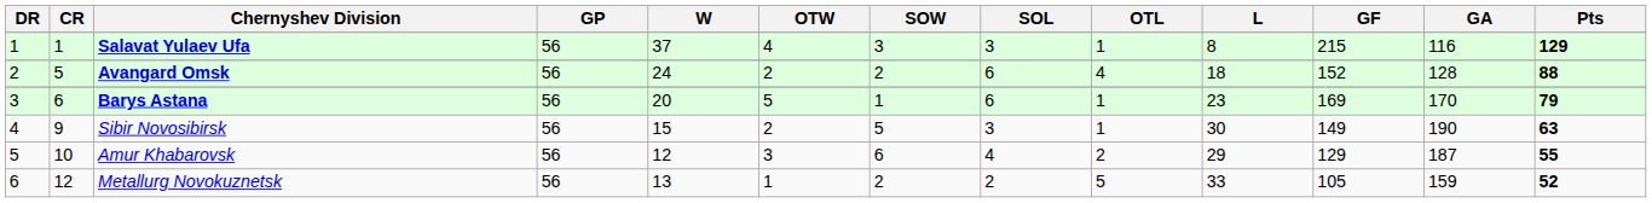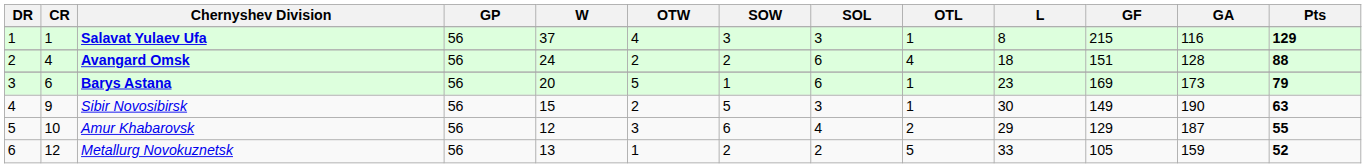 <table class="wikitable sortable">
 <tr>
 <th bgcolor="#DDDDFF" width="2%">DR</th>
 <th bgcolor="#DDDDFF" width="2%">CR</th>
 <th bgcolor="#DDDDFF" width="20%">Chernyshev Division</th>
 <th bgcolor="#DDDDFF" width="5%">GP</th>
 <th bgcolor="#DDDDFF" width="5%">W</th>
 <th bgcolor="#DDDDFF" width="5%">OTW</th>
 <th bgcolor="#DDDDFF" width="5%">SOW</th>
 <th bgcolor="#DDDDFF" width="5%">SOL</th>
 <th bgcolor="#DDDDFF" width="5%">OTL</th>
 <th bgcolor="#DDDDFF" width="5%">L</th>
 <th bgcolor="#DDDDFF" width="5%">GF</th>
 <th bgcolor="#DDDDFF" width="5%">GA</th>
 <th bgcolor="#DDDDFF" width="5%">Pts</th>
 </tr>
 <tr>
 </tr>
 <tr style="background:#DDFFDD;">
 <td style="text-align:left;">1</td>
 <td>1</td>
 <td> <strong><a href='#'>Salavat Yulaev Ufa</a></strong></td>
 <td>56</td>
 <td>37</td>
 <td>4</td>
 <td>3</td>
 <td>3</td>
 <td>1</td>
 <td>8</td>
 <td>215</td>
 <td>116</td>
 <td><strong>129</strong></td>
 </tr>
 <tr>
 </tr>
 <tr style="background:#DDFFDD;">
 <td style="text-align:left;">2</td>
-<td>5</td>
+<td>4</td>
 <td> <strong><a href='#'>Avangard Omsk</a></strong></td>
 <td>56</td>
 <td>24</td>
 <td>2</td>
 <td>2</td>
 <td>6</td>
 <td>4</td>
 <td>18</td>
-<td>152</td>
+<td>151</td>
 <td>128</td>
 <td><strong>88</strong></td>
 </tr>
 <tr>
 </tr>
 <tr style="background:#DDFFDD;">
 <td style="text-align:left;">3</td>
 <td>6</td>
 <td> <strong><a href='#'>Barys Astana</a></strong></td>
 <td>56</td>
 <td>20</td>
 <td>5</td>
 <td>1</td>
 <td>6</td>
 <td>1</td>
 <td>23</td>
 <td>169</td>
-<td>170</td>
+<td>173</td>
 <td><strong>79</strong></td>
 </tr>
 <tr>
 <td style="text-align:left;">4</td>
 <td>9</td>
 <td> <em><a href='#'>Sibir  Novosibirsk</a></em></td>
 <td>56</td>
 <td>15</td>
 <td>2</td>
 <td>5</td>
 <td>3</td>
 <td>1</td>
 <td>30</td>
 <td>149</td>
 <td>190</td>
 <td><strong>63</strong></td>
 </tr>
 <tr>
 <td style="text-align:left;">5</td>
 <td>10</td>
 <td> <em><a href='#'>Amur Khabarovsk</a></em></td>
 <td>56</td>
 <td>12</td>
 <td>3</td>
 <td>6</td>
 <td>4</td>
 <td>2</td>
 <td>29</td>
 <td>129</td>
 <td>187</td>
 <td><strong>55</strong></td>
 </tr>
 <tr>
 <td style="text-align:left;">6</td>
 <td>12</td>
 <td> <em><a href='#'>Metallurg Novokuznetsk</a></em></td>
 <td>56</td>
 <td>13</td>
 <td>1</td>
 <td>2</td>
 <td>2</td>
 <td>5</td>
 <td>33</td>
 <td>105</td>
 <td>159</td>
 <td><strong>52</strong></td>
 </tr>
 </table>
